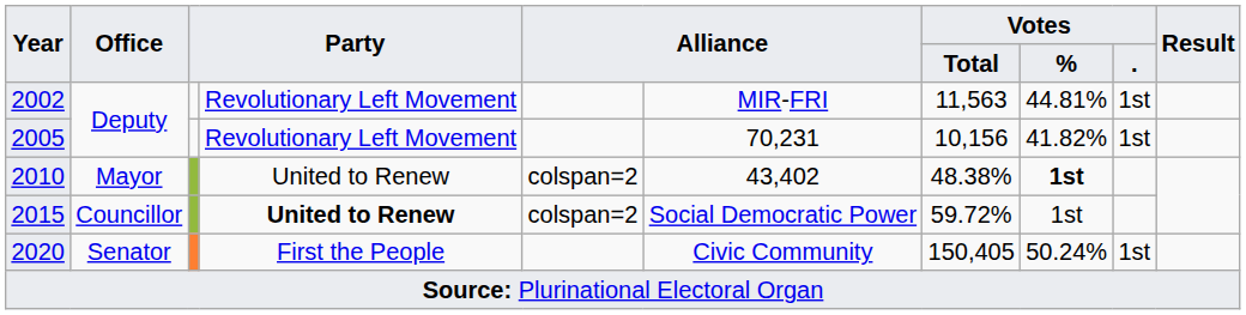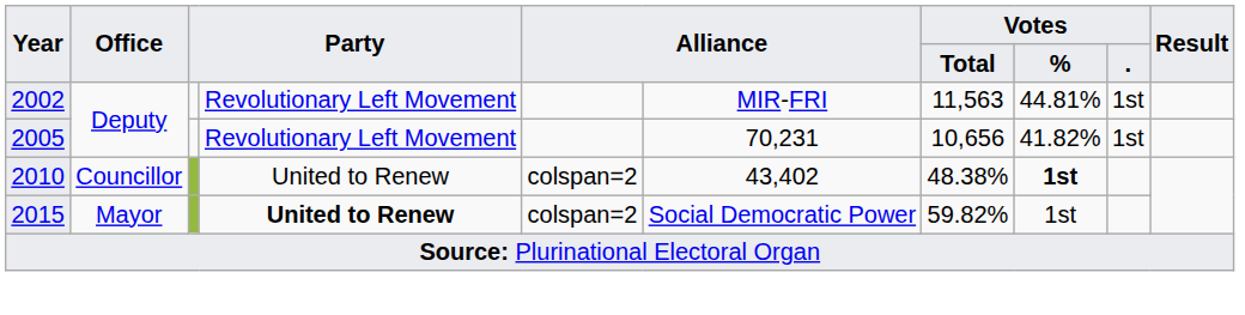 <table class="wikitable" style="font-size:90%; text-align:center;">
 <tr>
 <th style="background-color:#EAECF0;" rowspan=2>Year</th>
 <th style="background-color:#EAECF0;" rowspan=2>Office</th>
 <th style="background-color:#EAECF0;" colspan=2 rowspan=2>Party</th>
 <th style="background-color:#EAECF0;" colspan=2 rowspan=2>Alliance</th>
 <th style="background-color:#EAECF0;" colspan=3>Votes</th>
 <th style="background-color:#EAECF0;" rowspan=2>Result</th>
 </tr>
 <tr>
 <th style="background-color:#EAECF0;">Total</th>
 <th style="background-color:#EAECF0;">%</th>
 <th style="background-color:#EAECF0;">.</th>
 </tr>
 <tr>
 <td style="background-color:#EAECF0;"><a href='#'>2002</a></td>
 <td rowspan=2><a href='#'>Deputy</a></td>
 <td style="background-color:"></td>
 <td><a href='#'>Revolutionary Left Movement</a></td>
 <td style="background-color:"></td>
 <td><a href='#'>MIR</a>-<a href='#'>FRI</a></td>
 <td>11,563</td>
 <td>44.81%</td>
 <td>1st</td>
 <td></td>
 </tr>
 <tr>
 <td style="background-color:#EAECF0;"><a href='#'>2005</a></td>
 <td style="background-color:"></td>
 <td><a href='#'>Revolutionary Left Movement</a></td>
 <td style="background-color:"></td>
 <td>70,231</td>
-<td>10,156</td>
+<td>10,656</td>
 <td>41.82%</td>
 <td>1st</td>
 <td></td>
 </tr>
 <tr>
 <td style="background-color:#EAECF0;"><a href='#'>2010</a></td>
-<td><a href='#'>Mayor</a></td>
+<td><a href='#'>Councillor</a></td>
 <td style="background-color:#92BA3D;"></td>
 <td>United to Renew</td>
 <td>colspan=2 </td>
 <td>43,402</td>
 <td>48.38%</td>
 <td><strong>1st</strong></td>
 <td></td>
 </tr>
 <tr>
 <td style="background-color:#EAECF0;"><a href='#'>2015</a></td>
-<td><a href='#'>Councillor</a></td>
+<td><a href='#'>Mayor</a></td>
 <td style="background-color:#92BA3D;"></td>
 <td><strong>United to Renew</strong></td>
 <td>colspan=2 </td>
 <td><a href='#'>Social Democratic Power</a></td>
-<td>59.72%</td>
-<td>1st</td>
-<td></td>
-</tr>
-<tr>
-<td style="background-color:#EAECF0;"><a href='#'>2020</a></td>
-<td><a href='#'>Senator</a></td>
-<td style="background-color:#FE7F32;"></td>
-<td><a href='#'>First the People</a></td>
-<td style="background-color:"></td>
-<td><a href='#'>Civic Community</a></td>
-<td>150,405</td>
-<td>50.24%</td>
+<td>59.82%</td>
 <td>1st</td>
 <td></td>
 </tr>
 <tr>
 <td style="background-color:#EAECF0;" colspan=10><strong>Source:</strong> <a href='#'>Plurinational Electoral Organ</a>  </td>
 </tr>
 </table>
